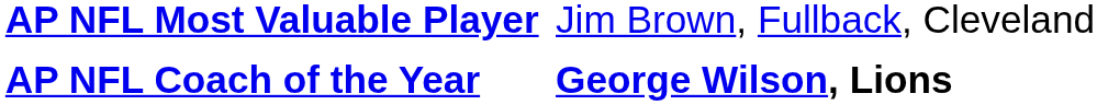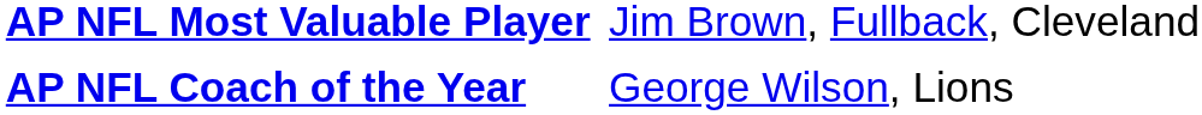 <table cellpadding="3" cellspacing="1">
 <tr>
 <td><strong><a href='#'>AP NFL Most Valuable Player</a></strong></td>
 <td><a href='#'>Jim Brown</a>, <a href='#'>Fullback</a>, Cleveland</td>
 </tr>
 <tr>
 <td><strong><a href='#'>AP NFL Coach of the Year</a></strong></td>
-<td><strong><a href='#'>George Wilson</a>, Lions</strong></td>
+<td><a href='#'>George Wilson</a>, Lions</td>
 </tr>
 </table>
